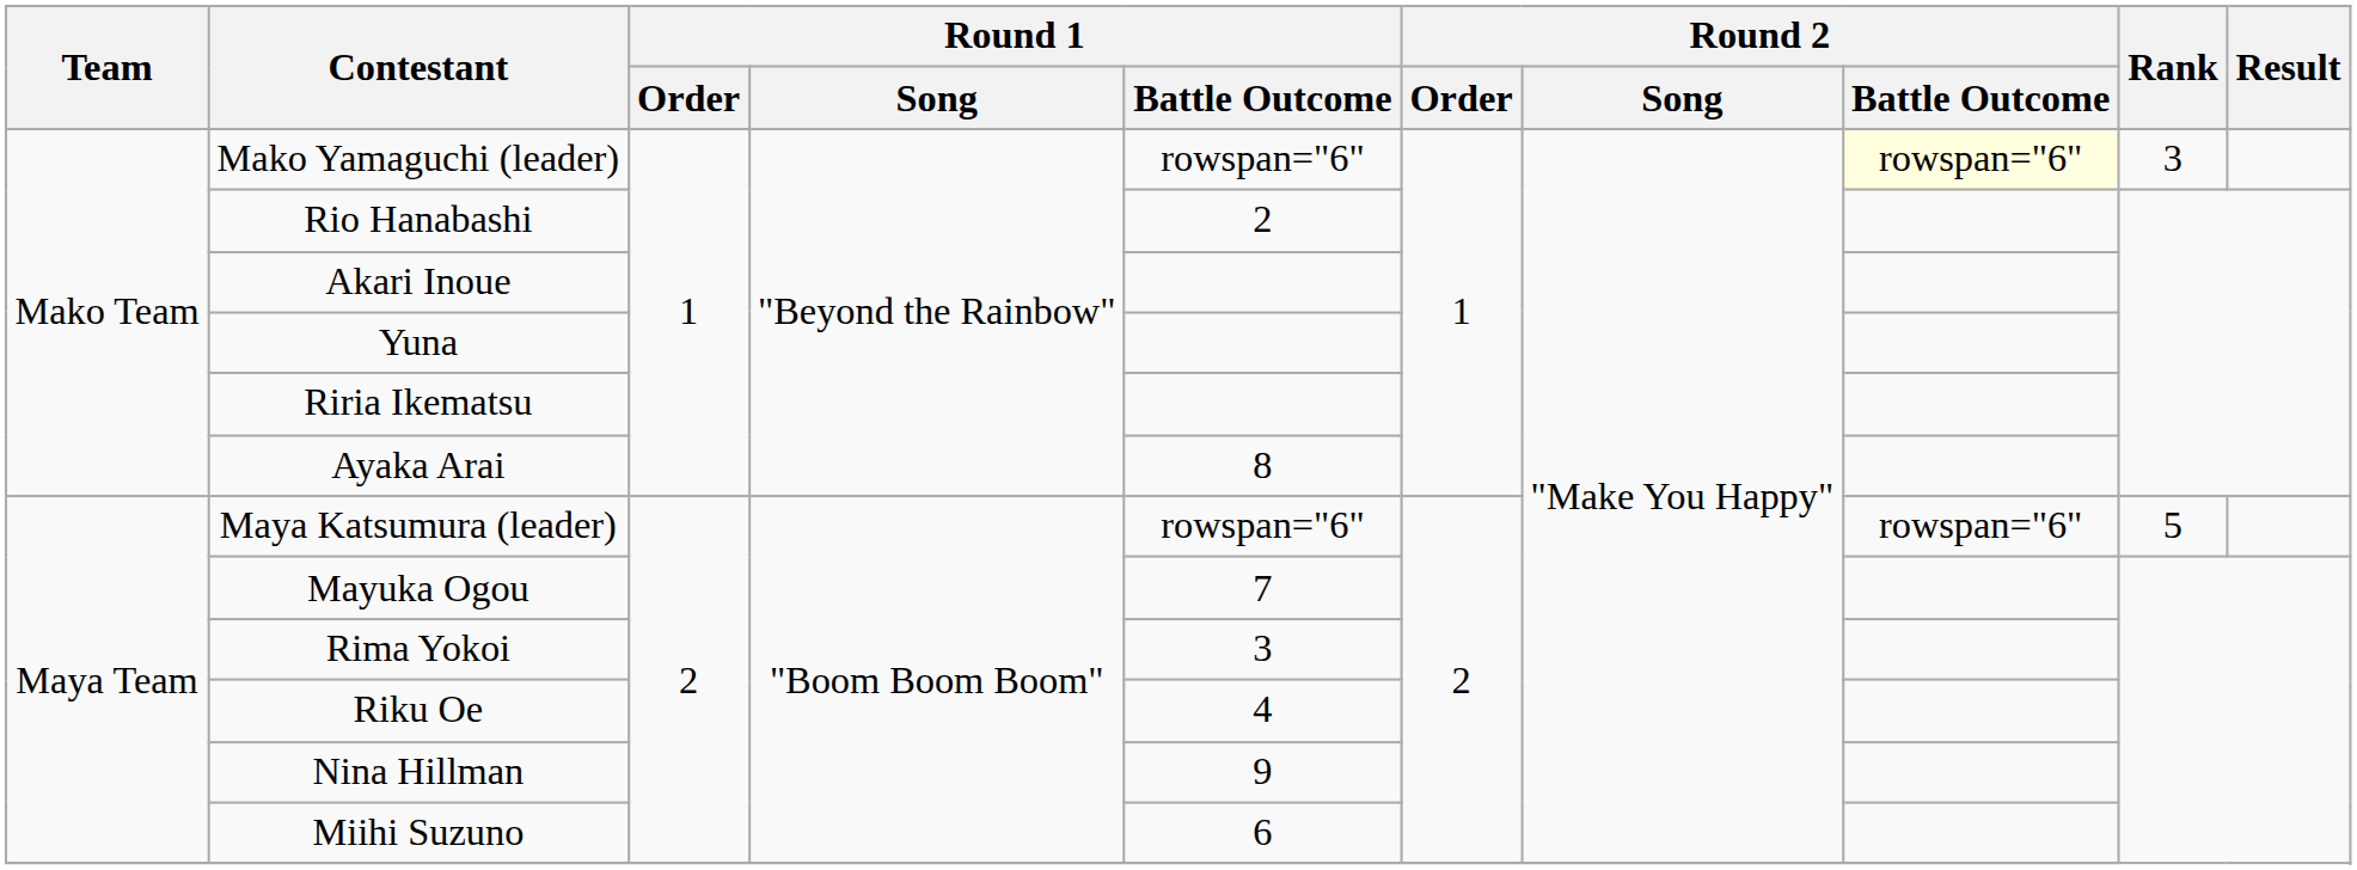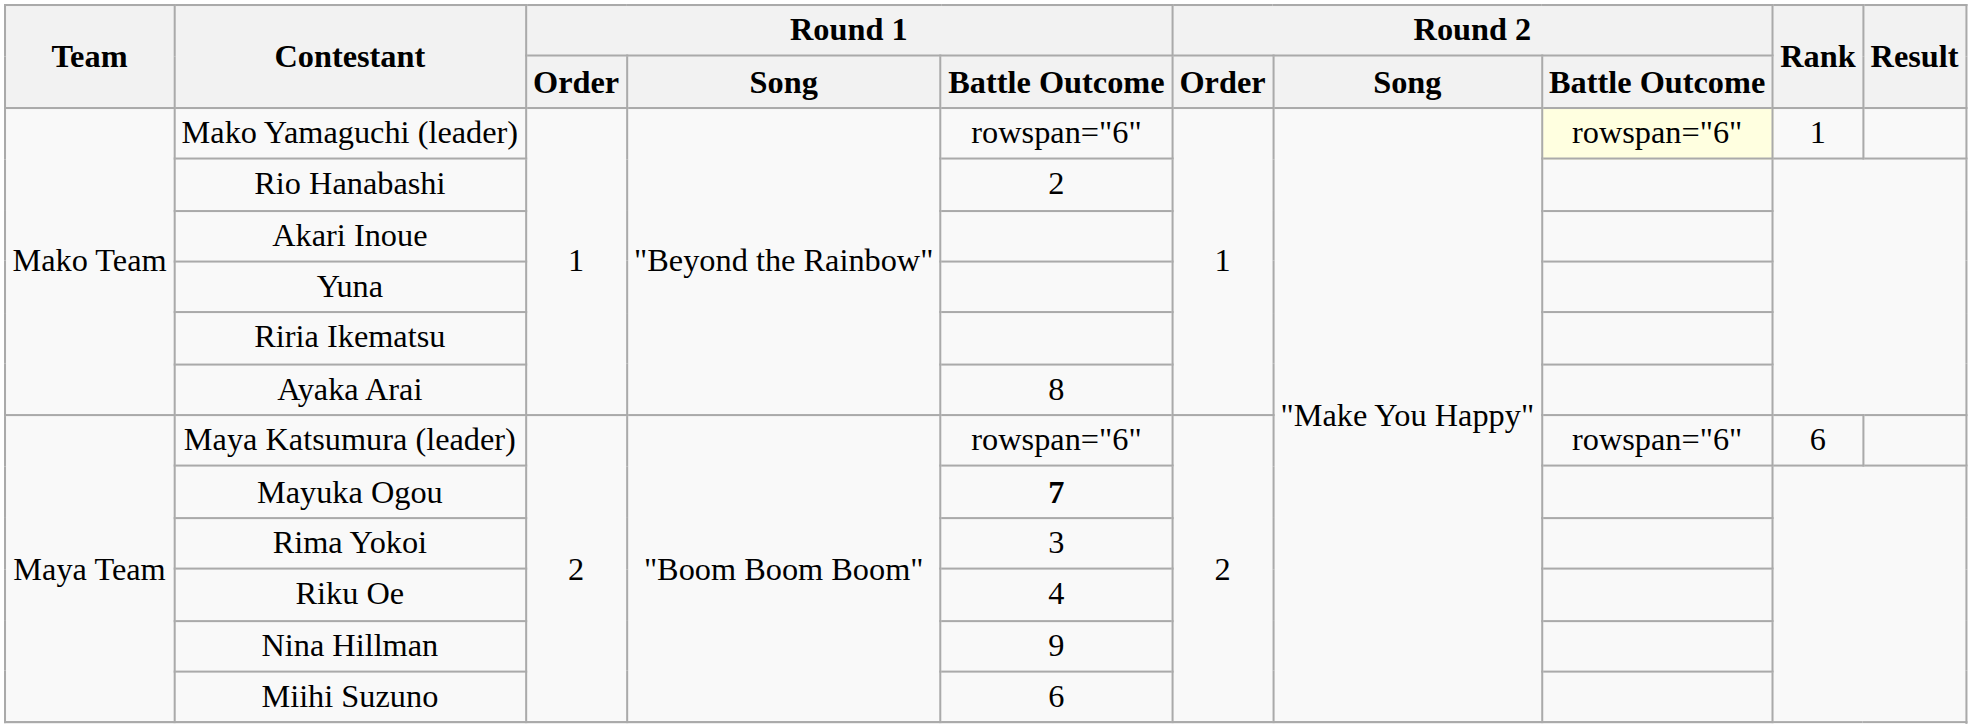 <table class="wikitable sortable" style="text-align:center;">
 <tr>
 <th rowspan="2">Team</th>
 <th rowspan="2">Contestant</th>
 <th colspan="3">Round 1</th>
 <th colspan="3">Round 2</th>
 <th rowspan="2">Rank</th>
 <th rowspan="2">Result</th>
 </tr>
 <tr>
 <th>Order</th>
 <th>Song<br></th>
 <th>Battle Outcome</th>
 <th>Order</th>
 <th>Song</th>
 <th>Battle Outcome</th>
 </tr>
 <tr>
 <td rowspan="6">Mako Team</td>
 <td data-sort-value="Yamaguchi">Mako Yamaguchi (leader)</td>
 <td rowspan="6">1</td>
 <td rowspan="6">"Beyond the Rainbow"</td>
 <td>rowspan="6" </td>
 <td rowspan="6">1</td>
 <td rowspan="12">"Make You Happy"</td>
 <td style="background: lightyellow;">rowspan="6" </td>
-<td>3</td>
+<td>1</td>
 <td></td>
 </tr>
 <tr>
 <td data-sort-value="Hanabashi">Rio Hanabashi</td>
 <td>2</td>
 <td></td>
 </tr>
 <tr>
 <td data-sort-value="Inoue">Akari Inoue</td>
 <td></td>
 <td></td>
 </tr>
 <tr>
 <td>Yuna</td>
 <td></td>
 <td></td>
 </tr>
 <tr>
 <td data-sort-value="Ikematsu">Riria Ikematsu</td>
 <td></td>
 <td></td>
 </tr>
 <tr>
 <td data-sort-value="Arai">Ayaka Arai</td>
 <td>8</td>
 <td></td>
 </tr>
 <tr>
 <td rowspan="6">Maya Team</td>
 <td data-sort-value="Katsumura">Maya Katsumura (leader)</td>
 <td rowspan="6">2</td>
 <td rowspan="6">"Boom Boom Boom"</td>
 <td>rowspan="6" </td>
 <td rowspan="6">2</td>
 <td>rowspan="6" </td>
-<td>5</td>
+<td>6</td>
 <td></td>
 </tr>
 <tr>
 <td data-sort-value="Ogou">Mayuka Ogou</td>
-<td>7</td>
+<td><strong>7</strong></td>
 <td></td>
 </tr>
 <tr>
 <td data-sort-value="Yokoi">Rima Yokoi</td>
 <td>3</td>
 <td></td>
 </tr>
 <tr>
 <td data-sort-value="Oe">Riku Oe</td>
 <td>4</td>
 <td></td>
 </tr>
 <tr>
 <td data-sort-value="Hillman">Nina Hillman</td>
 <td>9</td>
 <td></td>
 </tr>
 <tr>
 <td data-sort-value="Suzuno">Miihi Suzuno</td>
 <td>6</td>
 <td></td>
 </tr>
 <tr>
 </tr>
 </table>
